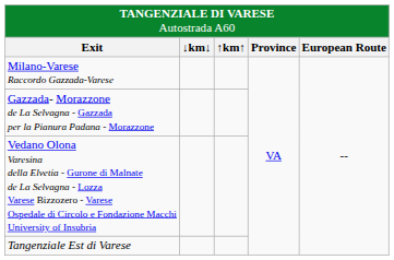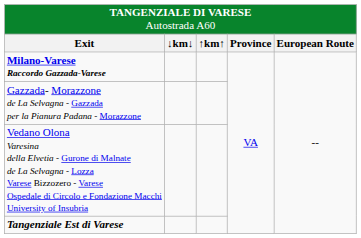 <table class="wikitable">
 <tr align="center" bgcolor="08842C" style="color: white;">
 <td colspan="5"><strong> TANGENZIALE DI VARESE</strong><br>Autostrada A60</td>
 </tr>
 <tr>
 <th style="text-align:center;"><strong>Exit</strong></th>
 <th style="text-align:center;"><strong>↓km↓</strong></th>
 <th style="text-align:center;"><strong>↑km↑</strong></th>
 <th align="center"><strong>Province</strong></th>
 <th align="center"><strong>European Route</strong></th>
 </tr>
 <tr>
-<td>  <a href='#'>Milano-Varese</a> <small><br> <em>Raccordo Gazzada-Varese</em></small></td>
+<td><strong>  <a href='#'>Milano-Varese</a> <small><br> <em>Raccordo Gazzada-Varese</em></small></strong></td>
 <td align="right"></td>
 <td align="right"></td>
 <td align="center" rowspan="4"><a href='#'>VA</a></td>
 <td align="center" rowspan="4">--</td>
 </tr>
 <tr>
 <td> <a href='#'>Gazzada</a>- <a href='#'>Morazzone</a><br><small>  <em>de La Selvagna</em> - <a href='#'>Gazzada</a><br> <em>per la Pianura Padana</em> - <a href='#'>Morazzone</a></small></td>
 <td align="right"></td>
 <td align="right"></td>
 </tr>
 <tr>
 <td> <a href='#'>Vedano Olona</a><br><small>  <em>Varesina</em><br> <em>della Elvetia</em> - <a href='#'>Gurone di Malnate</a><br> <em>de La Selvagna</em> - <a href='#'>Lozza</a><br> <a href='#'>Varese</a> Bizzozero -  <a href='#'>Varese</a><br> <a href='#'>Ospedale di Circolo e Fondazione Macchi</a><br> <a href='#'>University of Insubria</a></small></td>
 <td align="right"></td>
 <td align="right"></td>
 </tr>
 <tr>
-<td>   <em>Tangenziale Est di Varese</em></td>
+<td><strong>   <em>Tangenziale Est di Varese</em></strong></td>
 <td align="right"></td>
 <td align="right"></td>
 </tr>
 </table>
